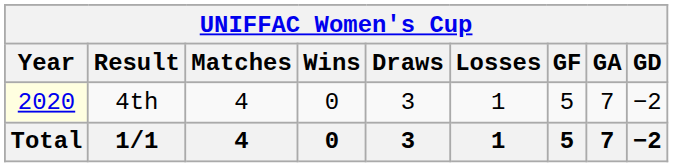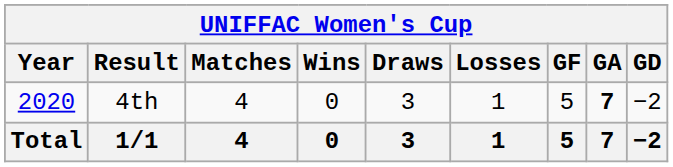 <table class="wikitable" style="text-align: center;">
 <tr>
 <th colspan=9><strong><a href='#'>UNIFFAC Women's Cup</a> </strong></th>
 </tr>
 <tr>
 <th>Year</th>
 <th>Result</th>
 <th>Matches</th>
 <th>Wins</th>
 <th>Draws</th>
 <th>Losses</th>
 <th>GF</th>
 <th>GA</th>
 <th>GD</th>
 </tr>
 <tr>
-<td style="background: lightyellow;"><a href='#'>2020</a></td>
+<td><a href='#'>2020</a></td>
 <td>4th</td>
 <td>4</td>
 <td>0</td>
 <td>3</td>
 <td>1</td>
 <td>5</td>
-<td>7</td>
+<td><strong>7</strong></td>
 <td>−2</td>
 </tr>
 <tr>
 <th>Total</th>
 <th>1/1</th>
 <th>4</th>
 <th>0</th>
 <th>3</th>
 <th>1</th>
 <th>5</th>
 <th>7</th>
 <th>−2</th>
 </tr>
 </table>
